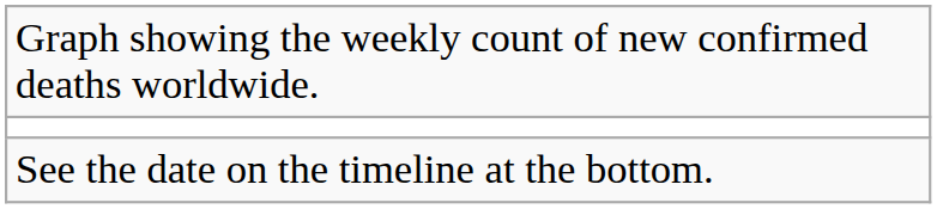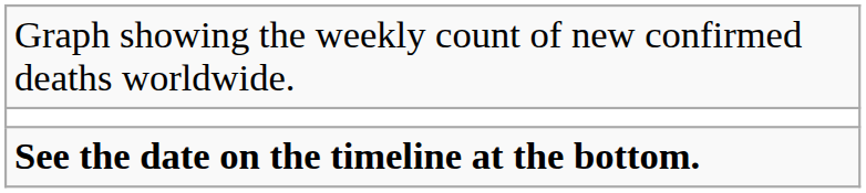 <table class=wikitable>
 <tr>
 <td style=max-width:350px>Graph showing the weekly count of new confirmed deaths worldwide.</td>
 </tr>
 <tr>
 <td style=background-color:white;></td>
 </tr>
 <tr>
-<td style=max-width:350px>See the date on the timeline at the bottom.</td>
+<td style=max-width:350px><strong>See the date on the timeline at the bottom.</strong></td>
 </tr>
 </table>
